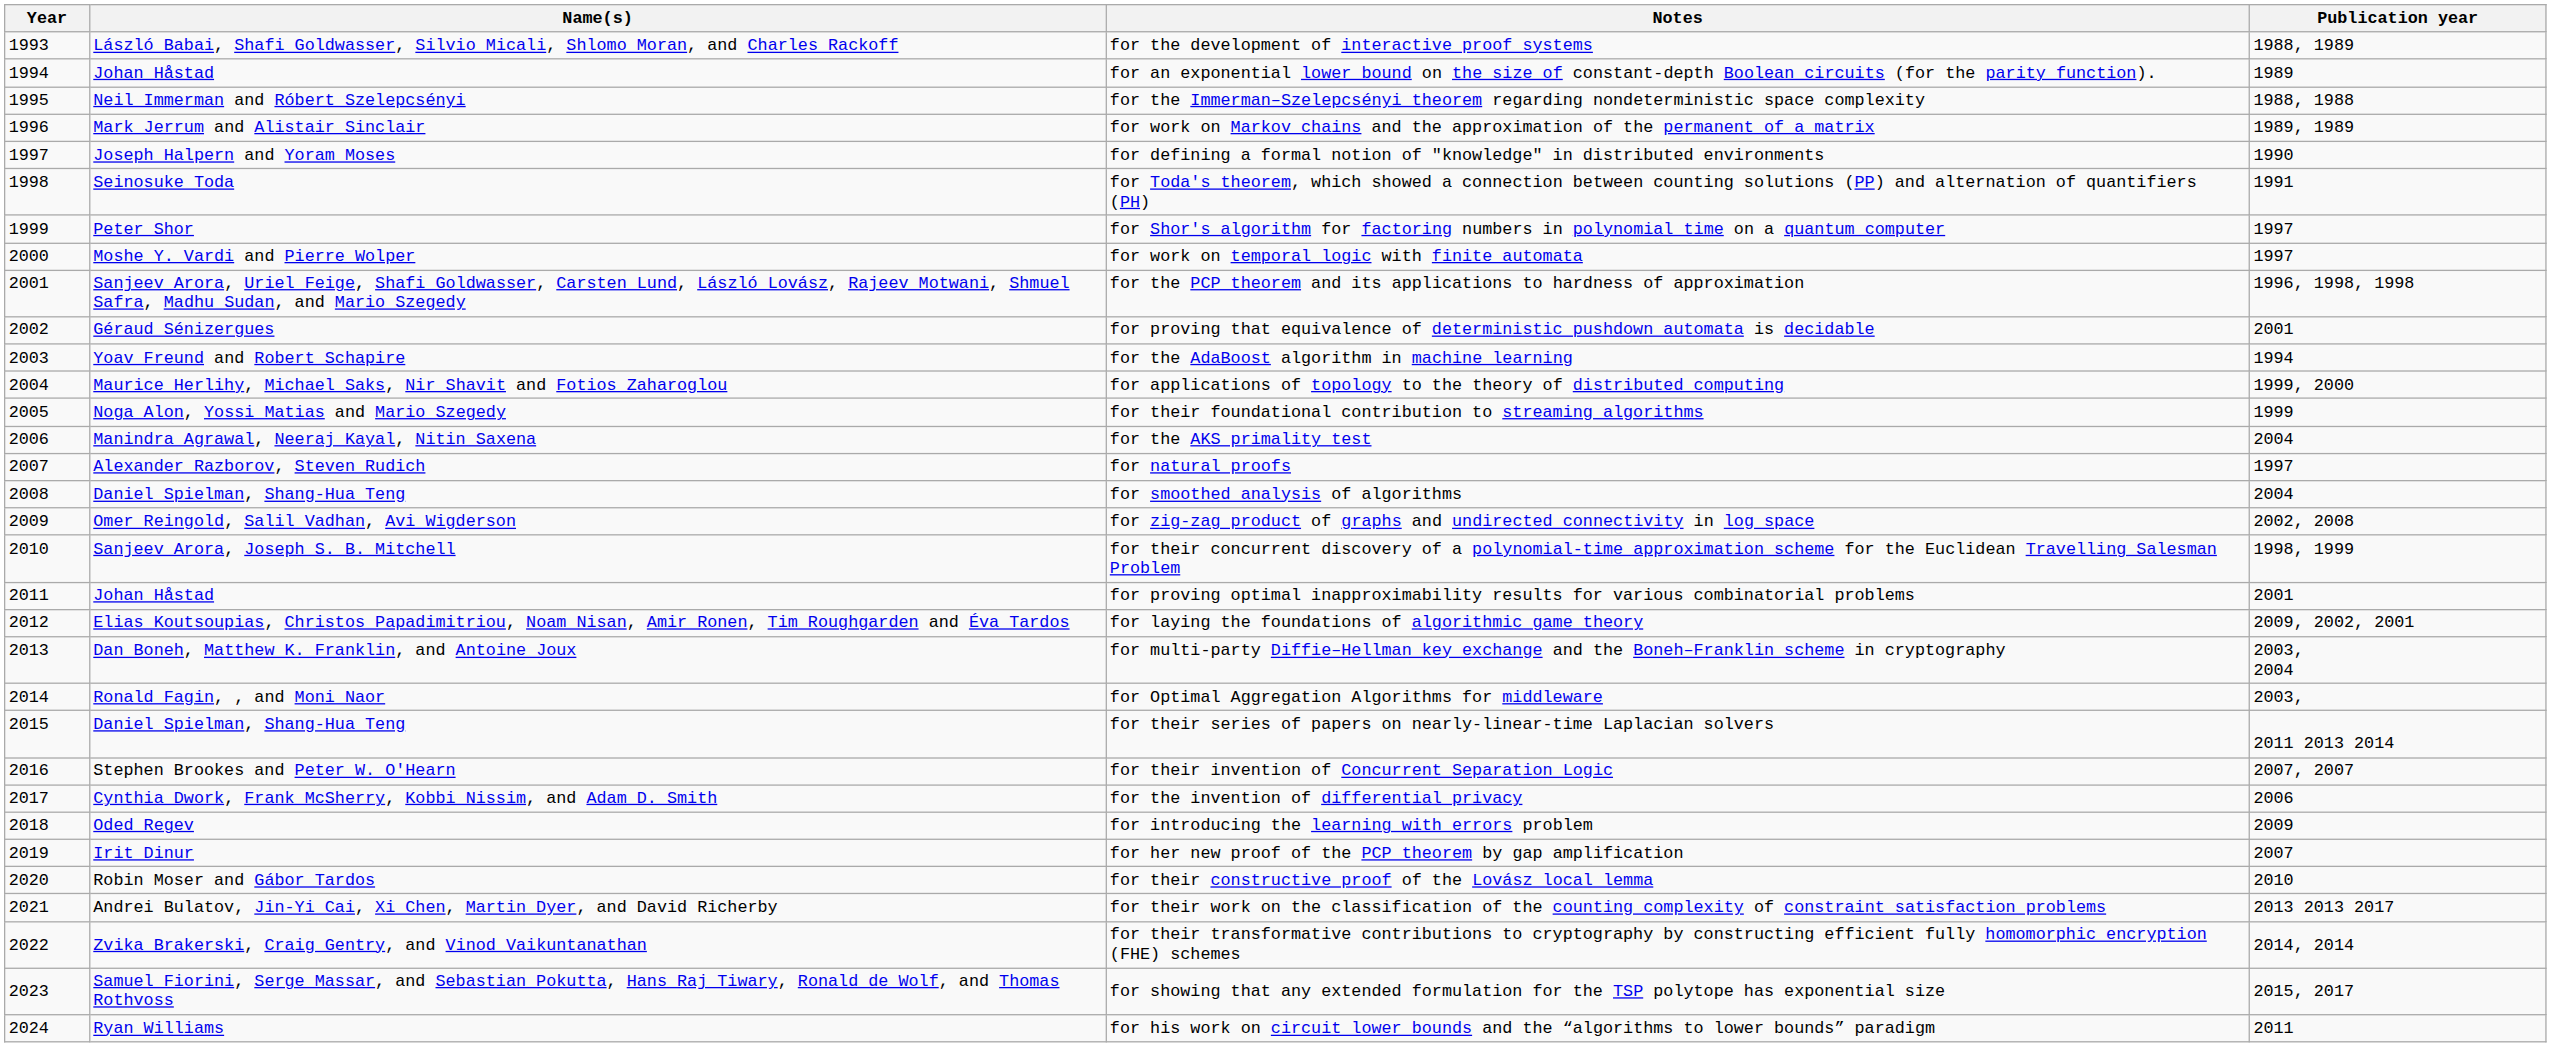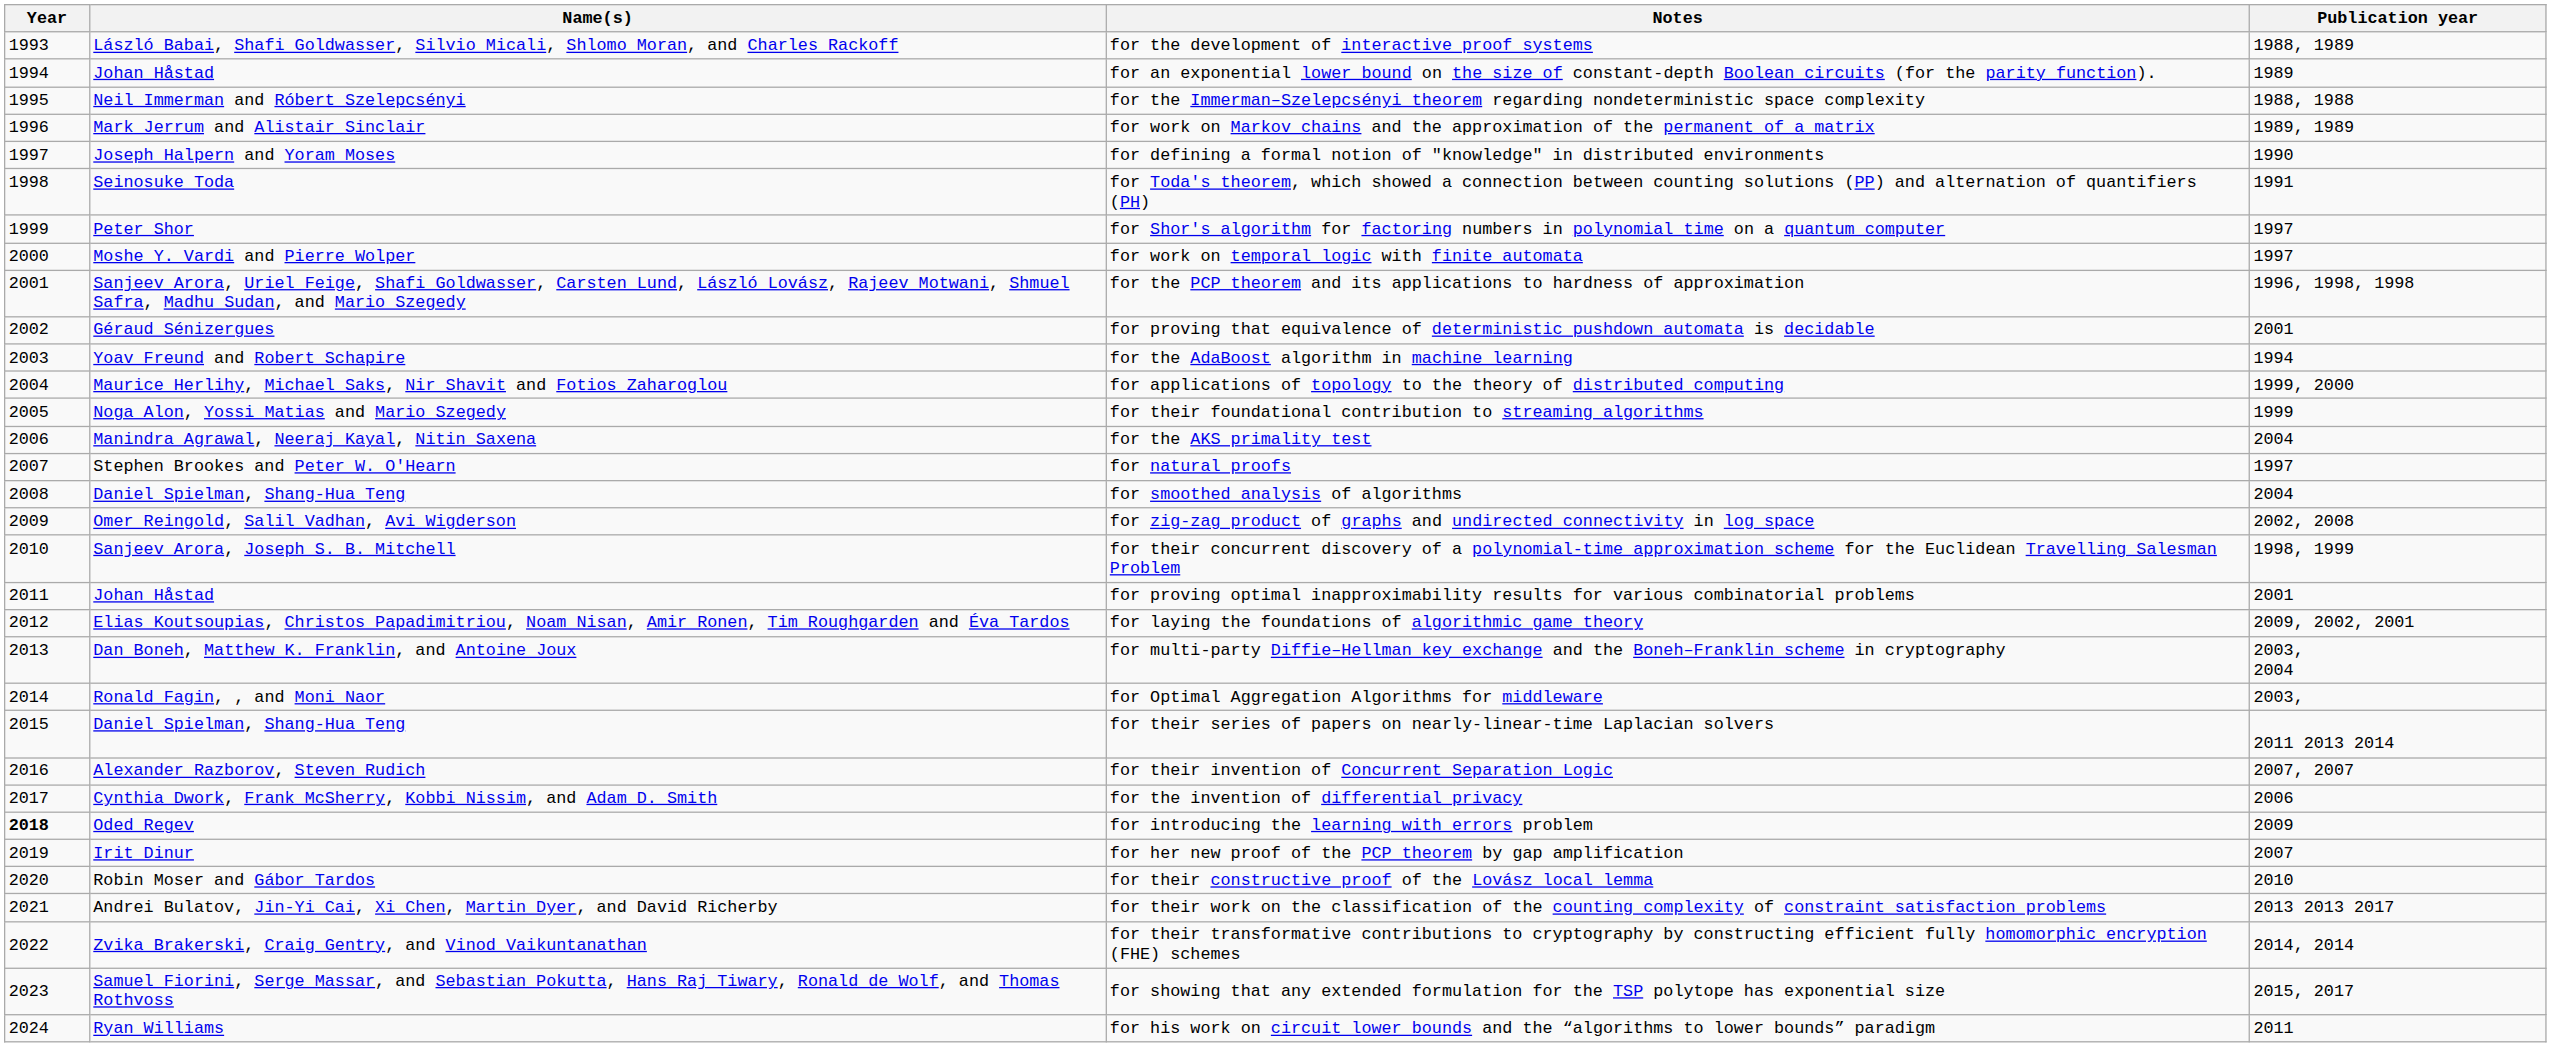 <table class="wikitable sortable">
 <tr>
 <th>Year</th>
 <th width=40% class="unsortable">Name(s)</th>
 <th width=45% class="unsortable">Notes</th>
 <th>Publication year</th>
 </tr>
 <tr valign="top">
 <td>1993</td>
 <td><a href='#'>László Babai</a>, <a href='#'>Shafi Goldwasser</a>, <a href='#'>Silvio Micali</a>, <a href='#'>Shlomo Moran</a>, and <a href='#'>Charles Rackoff</a></td>
 <td>for the development of <a href='#'>interactive proof systems</a></td>
 <td>1988, 1989</td>
 </tr>
 <tr valign="top">
 <td>1994</td>
 <td><a href='#'>Johan Håstad</a></td>
 <td>for an exponential <a href='#'>lower bound</a> on <a href='#'>the size of</a> constant-depth <a href='#'>Boolean circuits</a> (for the <a href='#'>parity function</a>).</td>
 <td>1989</td>
 </tr>
 <tr valign=top>
 <td>1995</td>
 <td><a href='#'>Neil Immerman</a> and <a href='#'>Róbert Szelepcsényi</a></td>
 <td>for the <a href='#'>Immerman–Szelepcsényi theorem</a> regarding nondeterministic space complexity</td>
 <td>1988, 1988</td>
 </tr>
 <tr valign="top">
 <td>1996</td>
 <td><a href='#'>Mark Jerrum</a> and <a href='#'>Alistair Sinclair</a></td>
 <td>for work on <a href='#'>Markov chains</a> and the approximation of the <a href='#'>permanent of a matrix</a></td>
 <td>1989, 1989</td>
 </tr>
 <tr valign="top">
 <td>1997</td>
 <td><a href='#'>Joseph Halpern</a> and <a href='#'>Yoram Moses</a></td>
 <td>for defining a formal notion of "knowledge" in distributed environments</td>
 <td>1990</td>
 </tr>
 <tr valign="top">
 <td>1998</td>
 <td><a href='#'>Seinosuke Toda</a></td>
 <td>for <a href='#'>Toda's theorem</a>, which showed a connection between counting solutions (<a href='#'>PP</a>) and alternation of quantifiers (<a href='#'>PH</a>)</td>
 <td>1991</td>
 </tr>
 <tr valign="top">
 <td>1999</td>
 <td><a href='#'>Peter Shor</a></td>
 <td>for <a href='#'>Shor's algorithm</a> for <a href='#'>factoring</a> numbers in <a href='#'>polynomial time</a> on a <a href='#'>quantum computer</a></td>
 <td>1997</td>
 </tr>
 <tr valign="top">
 <td>2000</td>
 <td><a href='#'>Moshe Y. Vardi</a> and <a href='#'>Pierre Wolper</a></td>
 <td>for work on <a href='#'>temporal logic</a> with <a href='#'>finite automata</a></td>
 <td>1997</td>
 </tr>
 <tr valign="top">
 <td>2001</td>
 <td><a href='#'>Sanjeev Arora</a>, <a href='#'>Uriel Feige</a>, <a href='#'>Shafi Goldwasser</a>, <a href='#'>Carsten Lund</a>, <a href='#'>László Lovász</a>, <a href='#'>Rajeev Motwani</a>, <a href='#'>Shmuel Safra</a>, <a href='#'>Madhu Sudan</a>, and <a href='#'>Mario Szegedy</a></td>
 <td>for the <a href='#'>PCP theorem</a> and its applications to hardness of approximation</td>
 <td>1996, 1998, 1998</td>
 </tr>
 <tr valign="top">
 <td>2002</td>
 <td><a href='#'>Géraud Sénizergues</a></td>
 <td>for proving that equivalence of <a href='#'>deterministic pushdown automata</a> is <a href='#'>decidable</a></td>
 <td>2001</td>
 </tr>
 <tr valign="top">
 <td>2003</td>
 <td><a href='#'>Yoav Freund</a> and <a href='#'>Robert Schapire</a></td>
 <td>for the <a href='#'>AdaBoost</a> algorithm in <a href='#'>machine learning</a></td>
 <td>1994</td>
 </tr>
 <tr valign="top">
 <td>2004</td>
 <td><a href='#'>Maurice Herlihy</a>, <a href='#'>Michael Saks</a>, <a href='#'>Nir Shavit</a> and <a href='#'>Fotios Zaharoglou</a></td>
 <td>for applications of <a href='#'>topology</a> to the theory of <a href='#'>distributed computing</a></td>
 <td>1999, 2000</td>
 </tr>
 <tr valign="top">
 <td>2005</td>
 <td><a href='#'>Noga Alon</a>, <a href='#'>Yossi Matias</a> and <a href='#'>Mario Szegedy</a></td>
 <td>for their foundational contribution to <a href='#'>streaming algorithms</a></td>
 <td>1999</td>
 </tr>
 <tr valign="top">
 <td>2006</td>
 <td><a href='#'>Manindra Agrawal</a>, <a href='#'>Neeraj Kayal</a>, <a href='#'>Nitin Saxena</a></td>
 <td>for the <a href='#'>AKS primality test</a></td>
 <td>2004</td>
 </tr>
 <tr valign="top">
 <td>2007</td>
-<td><a href='#'>Alexander Razborov</a>, <a href='#'>Steven Rudich</a></td>
+<td>Stephen Brookes and <a href='#'>Peter W. O'Hearn</a></td>
 <td>for <a href='#'>natural proofs</a></td>
 <td>1997</td>
 </tr>
 <tr valign="top">
 <td>2008</td>
 <td><a href='#'>Daniel Spielman</a>, <a href='#'>Shang-Hua Teng</a></td>
 <td>for <a href='#'>smoothed analysis</a> of algorithms</td>
 <td>2004</td>
 </tr>
 <tr valign="top">
 <td>2009</td>
 <td><a href='#'>Omer Reingold</a>, <a href='#'>Salil Vadhan</a>, <a href='#'>Avi Wigderson</a></td>
 <td>for <a href='#'>zig-zag product</a> of <a href='#'>graphs</a> and <a href='#'>undirected connectivity</a> in <a href='#'>log space</a></td>
 <td>2002, 2008</td>
 </tr>
 <tr valign="top">
 <td>2010</td>
 <td><a href='#'>Sanjeev Arora</a>, <a href='#'>Joseph S. B. Mitchell</a></td>
 <td>for their concurrent discovery of a <a href='#'>polynomial-time approximation scheme</a> for the Euclidean <a href='#'>Travelling Salesman Problem</a></td>
 <td>1998, 1999</td>
 </tr>
 <tr valign="top">
 <td>2011</td>
 <td><a href='#'>Johan Håstad</a></td>
 <td>for proving optimal inapproximability results for various combinatorial problems</td>
 <td>2001</td>
 </tr>
 <tr valign="top">
 <td>2012</td>
 <td><a href='#'>Elias Koutsoupias</a>, <a href='#'>Christos Papadimitriou</a>, <a href='#'>Noam Nisan</a>, <a href='#'>Amir Ronen</a>, <a href='#'>Tim Roughgarden</a> and <a href='#'>Éva Tardos</a></td>
 <td>for laying the foundations of <a href='#'>algorithmic game theory</a></td>
 <td>2009, 2002, 2001</td>
 </tr>
 <tr valign="top">
 <td>2013</td>
 <td><a href='#'>Dan Boneh</a>, <a href='#'>Matthew K. Franklin</a>, and <a href='#'>Antoine Joux</a></td>
 <td>for multi-party <a href='#'>Diffie–Hellman key exchange</a> and the <a href='#'>Boneh–Franklin scheme</a> in cryptography</td>
 <td>2003,<br>2004</td>
 </tr>
 <tr valign="top">
 <td>2014</td>
 <td><a href='#'>Ronald Fagin</a>, , and <a href='#'>Moni Naor</a></td>
 <td>for Optimal Aggregation Algorithms for <a href='#'>middleware</a></td>
 <td>2003,</td>
 </tr>
 <tr valign="top">
 <td>2015</td>
 <td><a href='#'>Daniel Spielman</a>, <a href='#'>Shang-Hua Teng</a></td>
 <td>for their series of papers on nearly-linear-time Laplacian solvers</td>
 <td><br>2011 2013 2014</td>
 </tr>
 <tr>
 <td>2016</td>
-<td>Stephen Brookes and <a href='#'>Peter W. O'Hearn</a></td>
+<td><a href='#'>Alexander Razborov</a>, <a href='#'>Steven Rudich</a></td>
 <td>for their invention of <a href='#'>Concurrent Separation Logic</a></td>
 <td>2007, 2007</td>
 </tr>
 <tr>
 <td>2017</td>
 <td><a href='#'>Cynthia Dwork</a>, <a href='#'>Frank McSherry</a>, <a href='#'>Kobbi Nissim</a>, and <a href='#'>Adam D. Smith</a></td>
 <td>for the invention of <a href='#'>differential privacy</a></td>
 <td>2006</td>
 </tr>
 <tr>
-<td>2018</td>
+<td><strong>2018</strong></td>
 <td><a href='#'>Oded Regev</a></td>
 <td>for introducing the <a href='#'>learning with errors</a> problem</td>
 <td>2009</td>
 </tr>
 <tr>
 <td>2019</td>
 <td><a href='#'>Irit Dinur</a></td>
 <td>for her new proof of the <a href='#'>PCP theorem</a> by gap amplification</td>
 <td>2007</td>
 </tr>
 <tr>
 <td>2020</td>
 <td>Robin Moser and <a href='#'>Gábor Tardos</a></td>
 <td>for their <a href='#'>constructive proof</a> of the <a href='#'>Lovász local lemma</a></td>
 <td>2010</td>
 </tr>
 <tr>
 <td>2021</td>
 <td>Andrei Bulatov, <a href='#'>Jin-Yi Cai</a>, <a href='#'>Xi Chen</a>, <a href='#'>Martin Dyer</a>, and David Richerby</td>
 <td>for their work on the classification of the <a href='#'>counting complexity</a> of <a href='#'>constraint satisfaction problems</a></td>
 <td>2013 2013 2017</td>
 </tr>
 <tr>
 <td>2022</td>
 <td><a href='#'>Zvika Brakerski</a>, <a href='#'>Craig Gentry</a>, and <a href='#'>Vinod Vaikuntanathan</a></td>
 <td>for their transformative contributions to cryptography by constructing efficient fully <a href='#'>homomorphic encryption</a> (FHE) schemes</td>
 <td>2014, 2014</td>
 </tr>
 <tr>
 <td>2023</td>
 <td><a href='#'>Samuel Fiorini</a>, <a href='#'>Serge Massar</a>, and <a href='#'>Sebastian Pokutta</a>, <a href='#'>Hans Raj Tiwary</a>, <a href='#'>Ronald de Wolf</a>, and <a href='#'>Thomas Rothvoss</a></td>
 <td>for showing that any extended formulation for the <a href='#'>TSP</a> polytope has exponential size</td>
 <td>2015, 2017</td>
 </tr>
 <tr>
 <td>2024</td>
 <td><a href='#'>Ryan Williams</a></td>
 <td>for his work on <a href='#'>circuit lower bounds</a> and the “algorithms to lower bounds” paradigm</td>
 <td>2011</td>
 </tr>
 </table>
